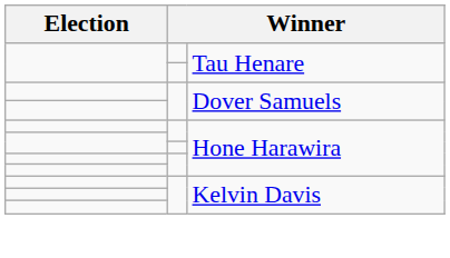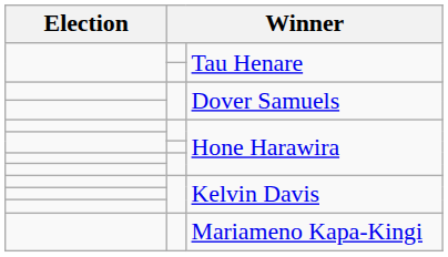 <table class=wikitable>
 <tr>
 <th width=100>Election</th>
 <th style="width:175px;" colspan=2>Winner</th>
 </tr>
 <tr>
 <td rowspan=2></td>
 <td width=5 bgcolor=></td>
 <td rowspan=2><a href='#'>Tau Henare</a></td>
 </tr>
 <tr>
 <td bgcolor=></td>
 </tr>
 <tr>
 <td></td>
 <td rowspan=2 bgcolor=></td>
 <td rowspan=2><a href='#'>Dover Samuels</a></td>
 </tr>
 <tr>
 <td></td>
 </tr>
 <tr>
 <td></td>
 <td style="border-bottom:solid 0 grey; background:"></td>
 <td rowspan=5><a href='#'>Hone Harawira</a></td>
 </tr>
 <tr>
 <td rowspan=2></td>
 <td style="border-top:solid 0 grey; background:"></td>
 </tr>
 <tr>
 <td bgcolor=></td>
 </tr>
 <tr>
 <td></td>
 <td rowspan=2 bgcolor=></td>
 </tr>
 <tr>
 <td></td>
 </tr>
 <tr>
 <td></td>
 <td rowspan=3 bgcolor=></td>
 <td rowspan=3><a href='#'>Kelvin Davis</a></td>
 </tr>
 <tr>
 <td></td>
 </tr>
 <tr>
 <td></td>
 </tr>
+<tr>
+<td></td>
+<td rowspan=1 bgcolor=></td>
+<td><a href='#'>Mariameno Kapa-Kingi</a></td>
+</tr>
 </table>
